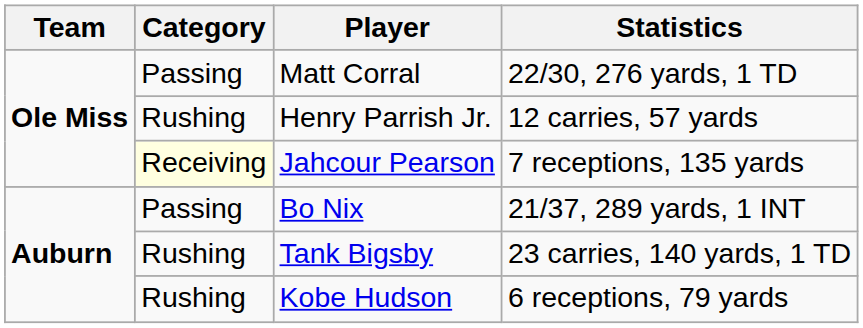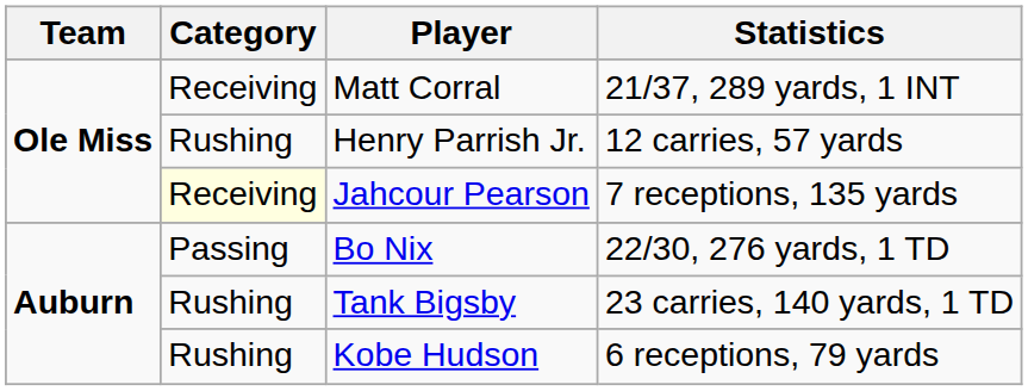 <table class="wikitable" style="float: right;">
 <tr>
 <th>Team</th>
 <th>Category</th>
 <th>Player</th>
 <th>Statistics</th>
 </tr>
 <tr>
 <td rowspan=3><strong>Ole Miss</strong></td>
-<td>Passing</td>
+<td>Receiving</td>
 <td>Matt Corral</td>
-<td>22/30, 276 yards, 1 TD</td>
+<td>21/37, 289 yards, 1 INT</td>
 </tr>
 <tr>
 <td>Rushing</td>
 <td>Henry Parrish Jr.</td>
 <td>12 carries, 57 yards</td>
 </tr>
 <tr>
 <td style="background: lightyellow;">Receiving</td>
 <td><a href='#'>Jahcour Pearson</a></td>
 <td>7 receptions, 135 yards</td>
 </tr>
 <tr>
 <td rowspan=3><strong>Auburn</strong></td>
 <td>Passing</td>
 <td><a href='#'>Bo Nix</a></td>
-<td>21/37, 289 yards, 1 INT</td>
+<td>22/30, 276 yards, 1 TD</td>
 </tr>
 <tr>
 <td>Rushing</td>
 <td><a href='#'>Tank Bigsby</a></td>
 <td>23 carries, 140 yards, 1 TD</td>
 </tr>
 <tr>
 <td>Rushing</td>
 <td><a href='#'>Kobe Hudson</a></td>
 <td>6 receptions, 79 yards</td>
 </tr>
 </table>
